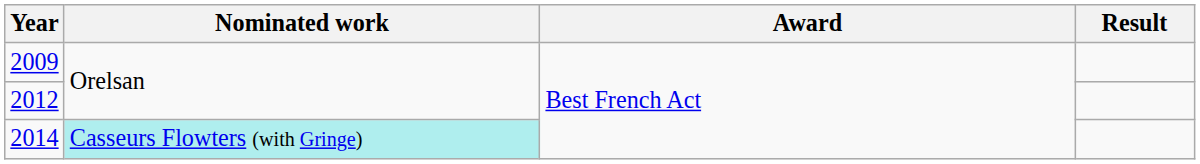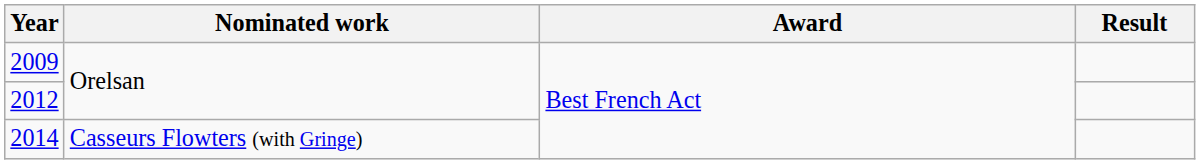 <table class="wikitable">
 <tr>
 <th width=5%>Year</th>
 <th width=40%>Nominated work</th>
 <th width=45%>Award</th>
 <th width=10%>Result</th>
 </tr>
 <tr>
 <td><a href='#'>2009</a></td>
 <td rowspan="2">Orelsan</td>
 <td rowspan="3"><a href='#'>Best French Act</a></td>
 <td></td>
 </tr>
 <tr>
 <td><a href='#'>2012</a></td>
 <td></td>
 </tr>
 <tr>
 <td><a href='#'>2014</a></td>
-<td style="background: paleturquoise;"><a href='#'>Casseurs Flowters</a> <small>(with <a href='#'>Gringe</a>)</small></td>
+<td><a href='#'>Casseurs Flowters</a> <small>(with <a href='#'>Gringe</a>)</small></td>
 <td></td>
 </tr>
 </table>
